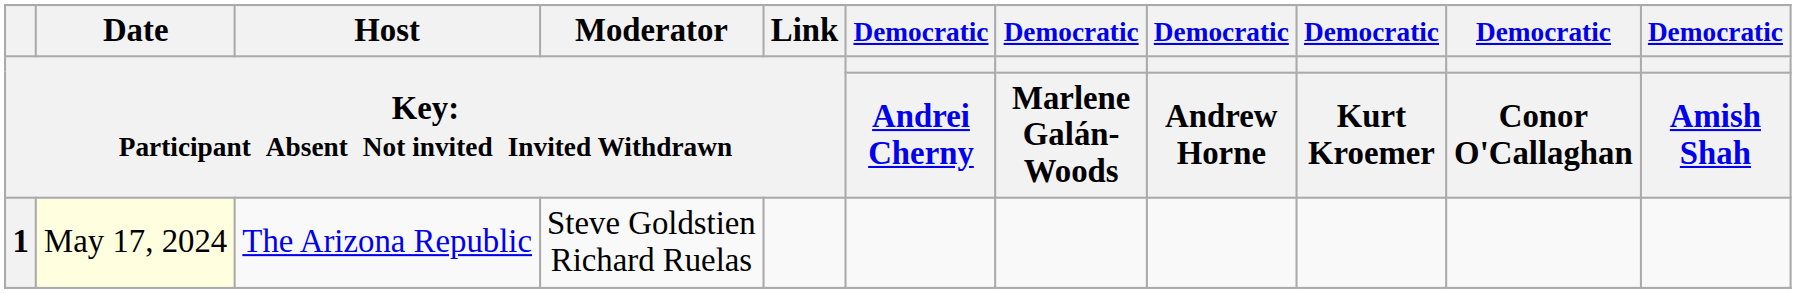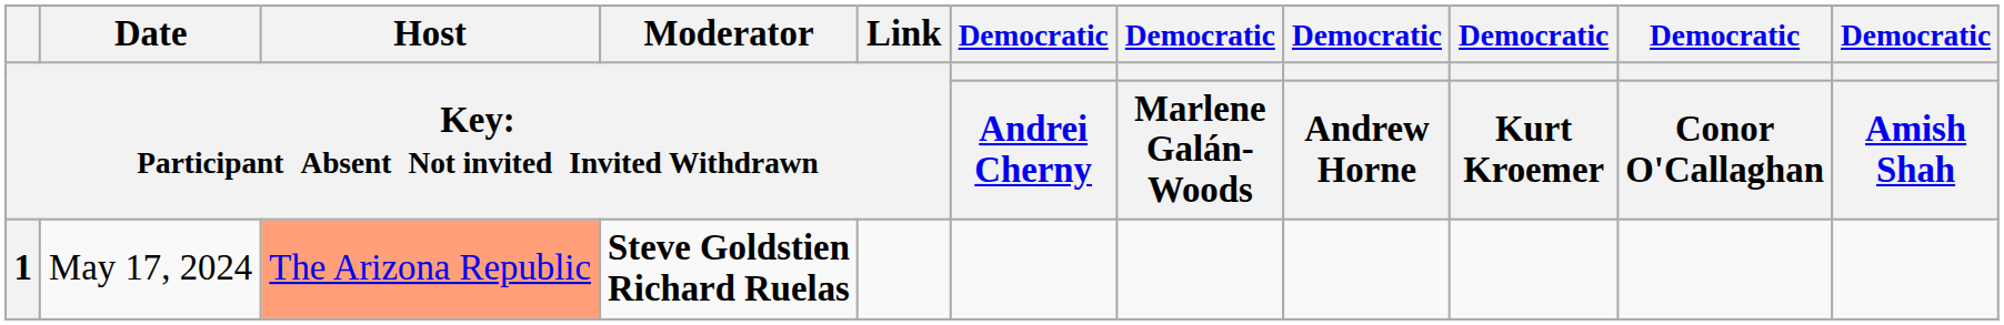 <table class="wikitable" style="text-align:center;">
 <tr>
 <th scope="col"></th>
 <th scope="col">Date</th>
 <th scope="col">Host</th>
 <th scope="col">Moderator</th>
 <th scope="col">Link</th>
 <th scope="col"><small><a href='#'>Democratic</a></small></th>
 <th scope="col"><small><a href='#'>Democratic</a></small></th>
 <th scope="col"><small><a href='#'>Democratic</a></small></th>
 <th scope="col"><small><a href='#'>Democratic</a></small></th>
 <th scope="col"><small><a href='#'>Democratic</a></small></th>
 <th scope="col"><small><a href='#'>Democratic</a></small></th>
 </tr>
 <tr>
 <th colspan="5" rowspan="2">Key:<br> <small>Participant </small>  <small>Absent </small>  <small>Not invited </small>  <small>Invited  Withdrawn</small></th>
 <th scope="col" style="background:"></th>
 <th scope="col" style="background:"></th>
 <th scope="col" style="background:"></th>
 <th scope="col" style="background:"></th>
 <th scope="col" style="background:"></th>
 <th scope="col" style="background:"></th>
 </tr>
 <tr>
 <th scope="col"><a href='#'>Andrei Cherny</a></th>
 <th scope="col">Marlene Galán-Woods</th>
 <th scope="col">Andrew Horne</th>
 <th scope="col">Kurt Kroemer</th>
 <th scope="col">Conor O'Callaghan</th>
 <th scope="col"><a href='#'>Amish Shah</a></th>
 </tr>
 <tr>
 <th>1</th>
-<td style="background: lightyellow; white-space:nowrap;">May 17, 2024</td>
-<td style="white-space:nowrap;"><a href='#'>The Arizona Republic</a></td>
-<td style="white-space:nowrap;">Steve Goldstien<br>Richard Ruelas</td>
+<td style="white-space:nowrap;">May 17, 2024</td>
+<td style="background: lightsalmon; white-space:nowrap;"><a href='#'>The Arizona Republic</a></td>
+<td style="white-space:nowrap;"><strong>Steve Goldstien<br>Richard Ruelas</strong></td>
 <td style="white-space:nowrap;"></td>
 <td></td>
 <td></td>
 <td></td>
 <td></td>
 <td></td>
 <td></td>
 </tr>
 </table>
